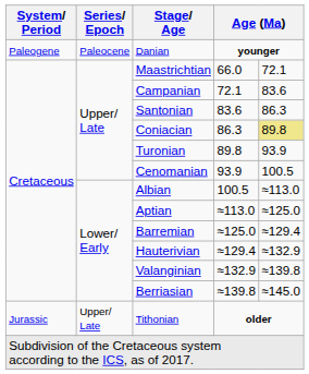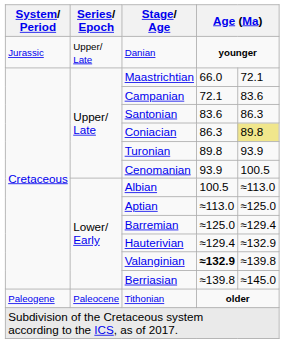 <table class="wikitable" rules="all" style="border: 1px solid #000000; margin-left:20px; font-size:90%; float: right;">
 <tr>
 <th><a href='#'>System</a>/<br><a href='#'>Period</a></th>
 <th><a href='#'>Series</a>/<br><a href='#'>Epoch</a></th>
 <th><a href='#'>Stage</a>/<br><a href='#'>Age</a></th>
 <th colspan="2"><a href='#'>Age</a> (<a href='#'>Ma</a>)</th>
 </tr>
 <tr>
-<td style="background-color: "><small><a href='#'>Paleogene</a></small></td>
-<td style="background-color: "><small><a href='#'>Paleocene</a></small></td>
+<td style="background-color: "><small><a href='#'>Jurassic</a></small></td>
+<td style="background-color: "><small>Upper/<br><a href='#'>Late</a></small></td>
 <td style="background-color: "><small><a href='#'>Danian</a></small></td>
 <td colspan="2" style="text-align:center;"><small><strong>younger</strong></small></td>
 </tr>
 <tr>
 <td rowspan="12" style="background-color: "><a href='#'>Cretaceous</a></td>
 <td rowspan="6" style="background-color: ">Upper/<br><a href='#'>Late</a></td>
 <td style="background-color:"><a href='#'>Maastrichtian</a></td>
 <td>66.0</td>
 <td>72.1</td>
 </tr>
 <tr>
 <td style="background-color:"><a href='#'>Campanian</a></td>
 <td>72.1</td>
 <td>83.6</td>
 </tr>
 <tr>
 <td style="background-color:"><a href='#'>Santonian</a></td>
 <td>83.6</td>
 <td>86.3</td>
 </tr>
 <tr>
 <td style="background-color:"><a href='#'>Coniacian</a></td>
 <td>86.3</td>
 <td style="background: khaki;">89.8</td>
 </tr>
 <tr>
 <td style="background-color:"><a href='#'>Turonian</a></td>
 <td>89.8</td>
 <td>93.9</td>
 </tr>
 <tr>
 <td style="background-color:"><a href='#'>Cenomanian</a></td>
 <td>93.9</td>
 <td>100.5</td>
 </tr>
 <tr>
 <td rowspan="6" style="background-color: ">Lower/<br><a href='#'>Early</a></td>
 <td style="background-color:"><a href='#'>Albian</a></td>
 <td>100.5</td>
 <td>≈113.0</td>
 </tr>
 <tr>
 <td style="background-color:"><a href='#'>Aptian</a></td>
 <td>≈113.0</td>
 <td>≈125.0</td>
 </tr>
 <tr>
 <td style="background-color:"><a href='#'>Barremian</a></td>
 <td>≈125.0</td>
 <td>≈129.4</td>
 </tr>
 <tr>
 <td style="background-color:"><a href='#'>Hauterivian</a></td>
 <td>≈129.4</td>
 <td>≈132.9</td>
 </tr>
 <tr>
 <td style="background-color:"><a href='#'>Valanginian</a></td>
-<td>≈132.9</td>
+<td><strong>≈132.9</strong></td>
 <td>≈139.8</td>
 </tr>
 <tr>
 <td style="background-color:"><a href='#'>Berriasian</a></td>
 <td>≈139.8</td>
 <td>≈145.0</td>
 </tr>
 <tr>
-<td style="background-color: "><small><a href='#'>Jurassic</a></small></td>
-<td style="background-color: "><small>Upper/<br><a href='#'>Late</a></small></td>
+<td style="background-color: "><small><a href='#'>Paleogene</a></small></td>
+<td style="background-color: "><small><a href='#'>Paleocene</a></small></td>
 <td style="background-color: "><small><a href='#'>Tithonian</a></small></td>
 <td colspan="2" style="text-align:center;"><small><strong>older</strong></small></td>
 </tr>
 <tr>
 <td colspan="5"  style="background-color: #EAEAEA;">Subdivision of the Cretaceous system<br>according to the <a href='#'>ICS</a>, as of 2017.</td>
 </tr>
 </table>
